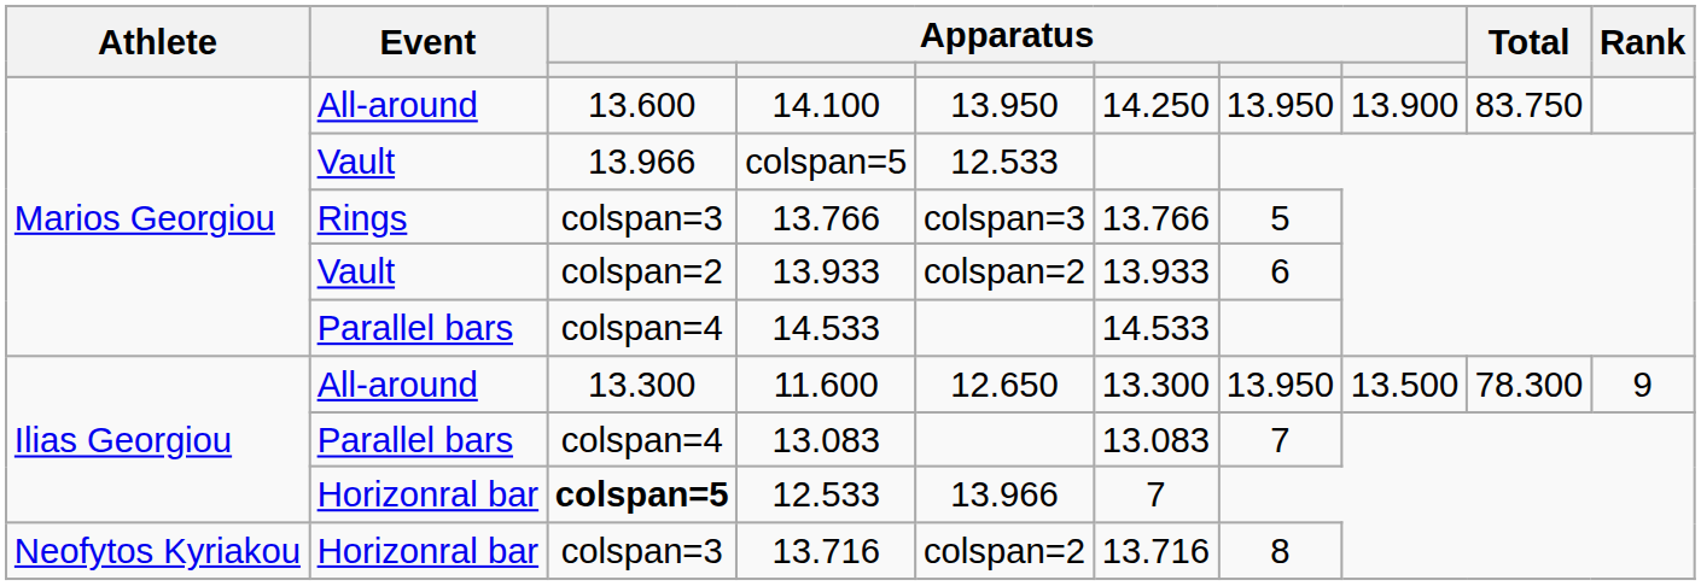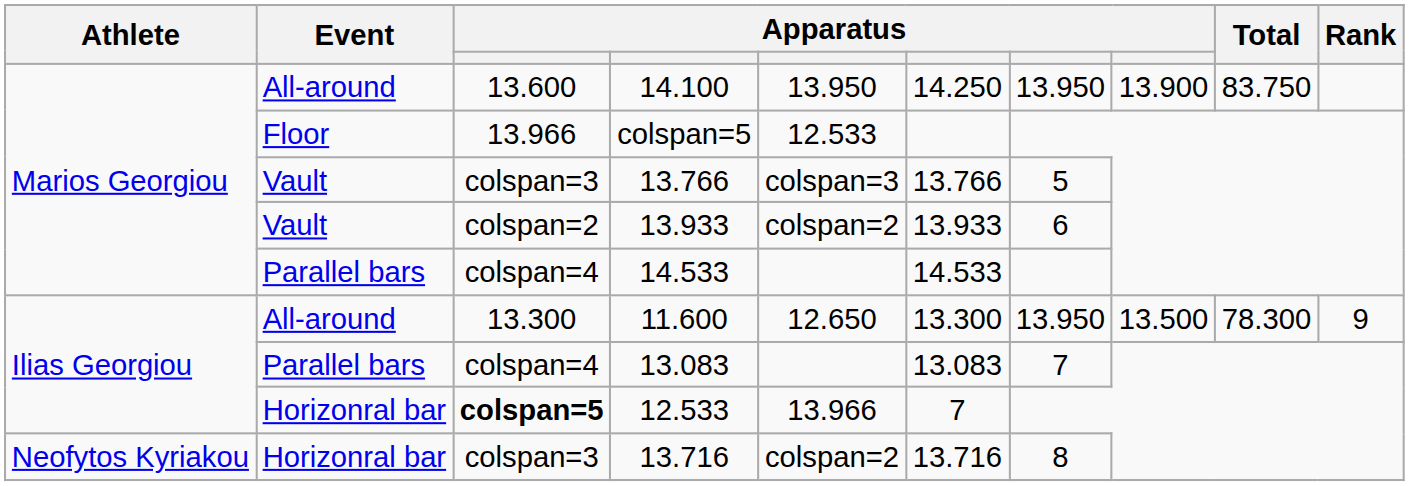 <table class="wikitable" style="font-size:90%">
 <tr>
 <th rowspan=2>Athlete</th>
 <th rowspan=2>Event</th>
 <th colspan=6>Apparatus</th>
 <th rowspan=2>Total</th>
 <th rowspan=2>Rank</th>
 </tr>
 <tr style="font-size:95%">
 <th></th>
 <th></th>
 <th></th>
 <th></th>
 <th></th>
 <th></th>
 </tr>
 <tr align=center>
 <td align=left rowspan=5><a href='#'>Marios Georgiou</a></td>
 <td align=left><a href='#'>All-around</a></td>
 <td>13.600</td>
 <td>14.100</td>
 <td>13.950</td>
 <td>14.250</td>
 <td>13.950</td>
 <td>13.900</td>
 <td>83.750</td>
 <td></td>
 </tr>
 <tr align=center>
-<td align=left><a href='#'>Vault</a></td>
+<td align=left><a href='#'>Floor</a></td>
 <td>13.966</td>
 <td>colspan=5 </td>
 <td>12.533</td>
 <td></td>
 </tr>
 <tr align=center>
-<td align=left><a href='#'>Rings</a></td>
+<td align=left><a href='#'>Vault</a></td>
 <td>colspan=3 </td>
 <td>13.766</td>
 <td>colspan=3 </td>
 <td>13.766</td>
 <td>5</td>
 </tr>
 <tr align=center>
 <td align=left><a href='#'>Vault</a></td>
 <td>colspan=2 </td>
 <td>13.933</td>
 <td>colspan=2 </td>
 <td>13.933</td>
 <td>6</td>
 </tr>
 <tr align=center>
 <td align=left><a href='#'>Parallel bars</a></td>
 <td>colspan=4 </td>
 <td>14.533</td>
 <td></td>
 <td>14.533</td>
 <td></td>
 </tr>
 <tr align=center>
 <td align=left rowspan=3><a href='#'>Ilias Georgiou</a></td>
 <td align=left><a href='#'>All-around</a></td>
 <td>13.300</td>
 <td>11.600</td>
 <td>12.650</td>
 <td>13.300</td>
 <td>13.950</td>
 <td>13.500</td>
 <td>78.300</td>
 <td>9</td>
 </tr>
 <tr align=center>
 <td align=left><a href='#'>Parallel bars</a></td>
 <td>colspan=4 </td>
 <td>13.083</td>
 <td></td>
 <td>13.083</td>
 <td>7</td>
 </tr>
 <tr align=center>
 <td align=left><a href='#'>Horizonral bar</a></td>
 <td><strong>colspan=5 </strong></td>
 <td>12.533</td>
 <td>13.966</td>
 <td>7</td>
 </tr>
 <tr align=center>
 <td align=left><a href='#'>Neofytos Kyriakou</a></td>
 <td align=left><a href='#'>Horizonral bar</a></td>
 <td>colspan=3 </td>
 <td>13.716</td>
 <td>colspan=2 </td>
 <td>13.716</td>
 <td>8</td>
 </tr>
 </table>
